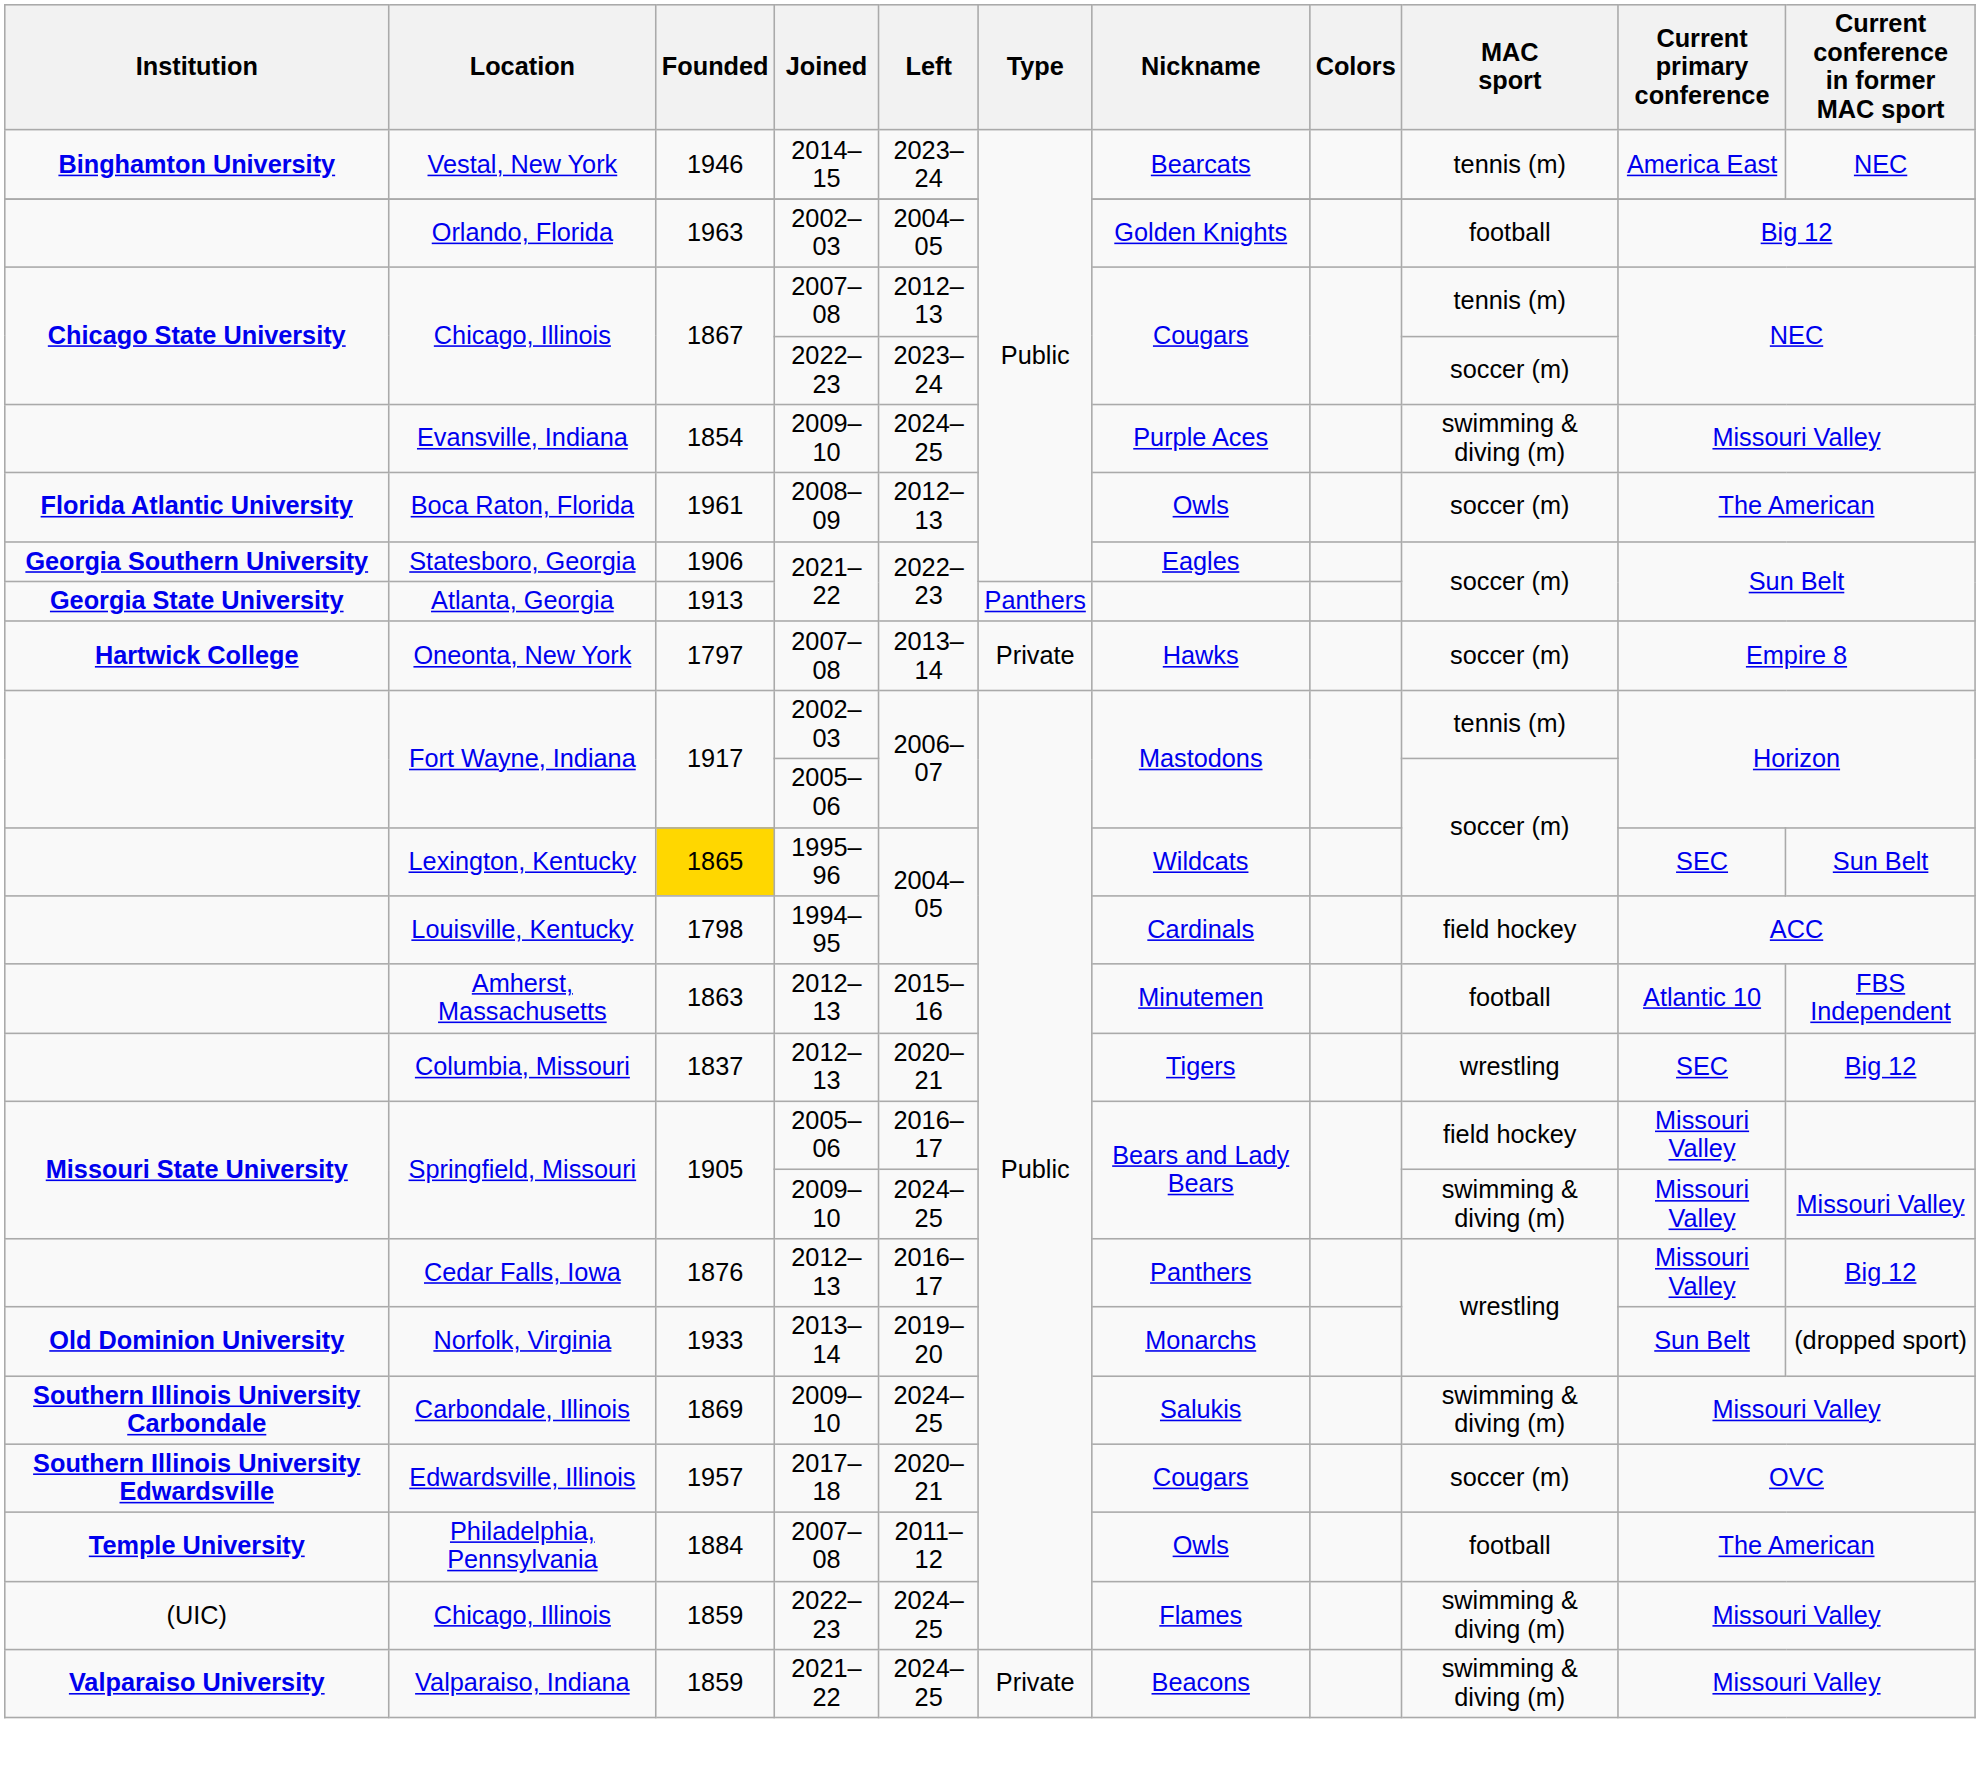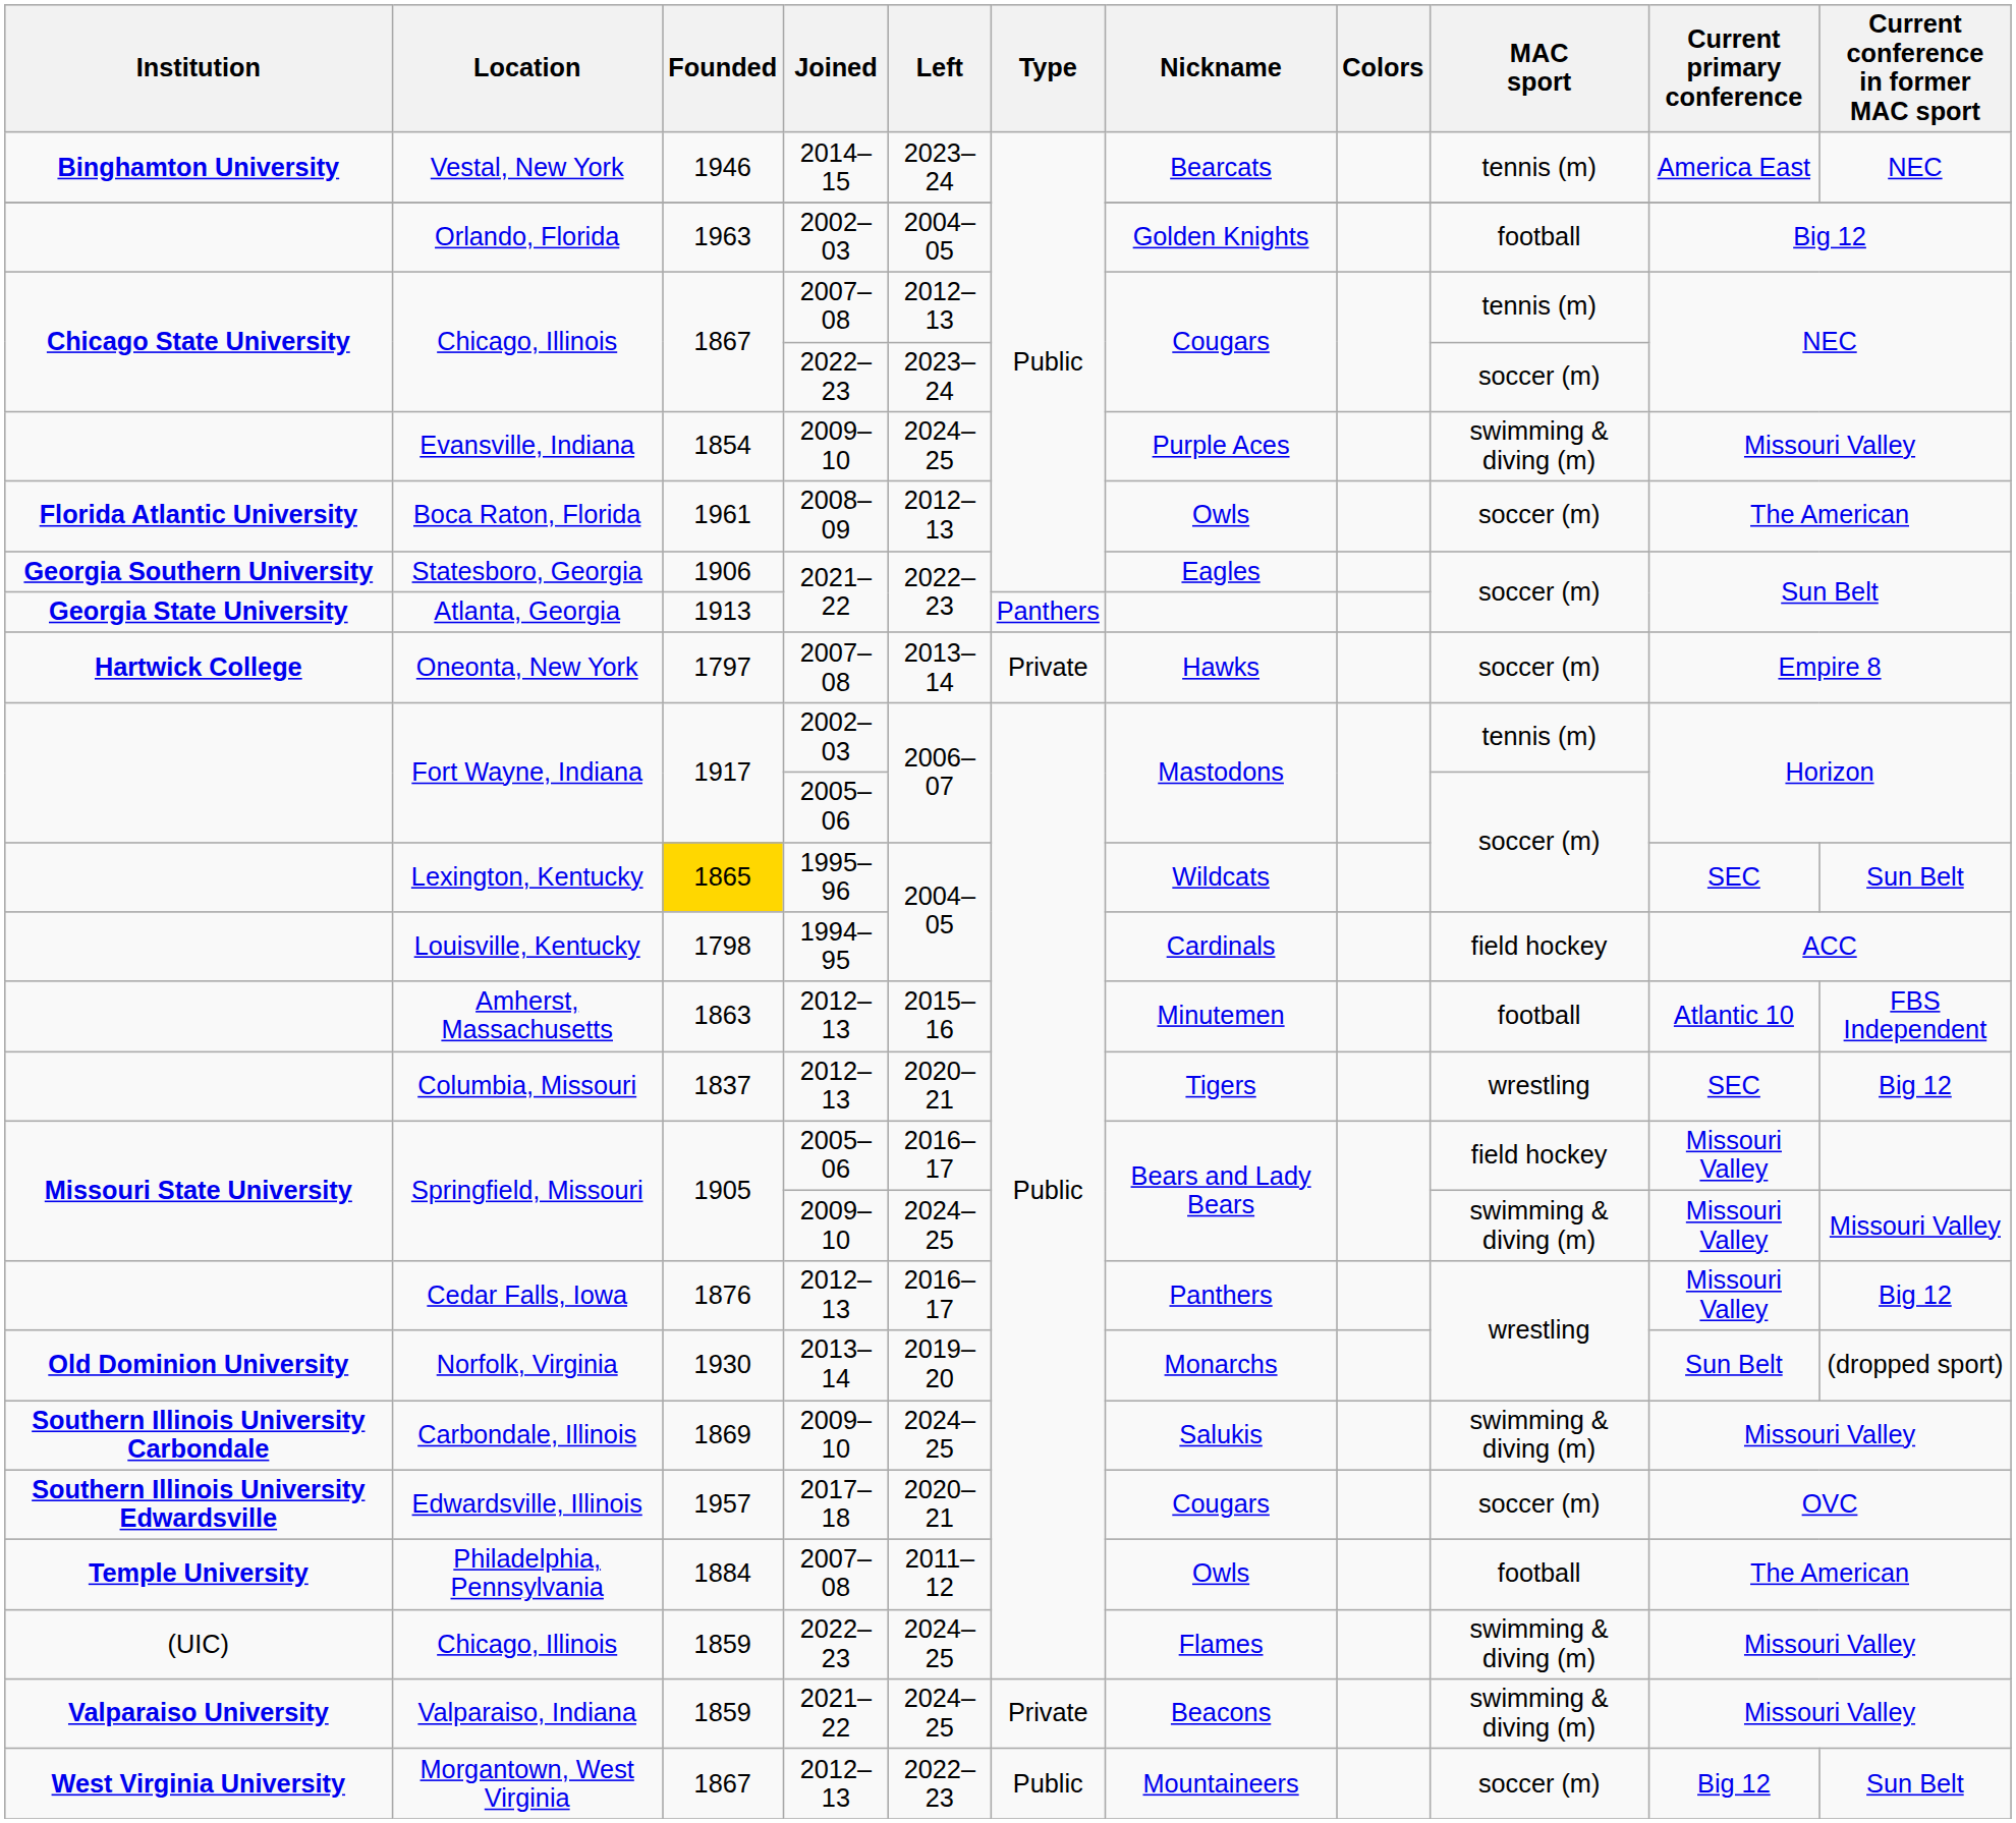 <table class="wikitable sortable" style="text-align: center;">
 <tr>
 <th width=px>Institution</th>
 <th width=px>Location</th>
 <th width=px>Founded</th>
 <th width=px>Joined</th>
 <th width=px>Left</th>
 <th width=px>Type</th>
 <th width=px>Nickname</th>
 <th class="unsortable" ! width=px>Colors</th>
 <th width=px>MAC<br>sport</th>
 <th width=px>Current<br>primary<br>conference</th>
 <th width=px>Current<br>conference<br>in former<br>MAC sport</th>
 </tr>
 <tr>
 <td><strong><a href='#'>Binghamton University</a></strong></td>
 <td><a href='#'>Vestal, New York</a></td>
 <td>1946</td>
 <td>2014–15</td>
 <td>2023–24</td>
 <td rowspan=8>Public</td>
 <td><a href='#'>Bearcats</a></td>
 <td></td>
 <td>tennis (m)</td>
 <td><a href='#'>America East</a></td>
 <td><a href='#'>NEC</a></td>
 </tr>
 <tr>
 </tr>
 <tr>
 <td><strong></strong></td>
 <td><a href='#'>Orlando, Florida</a></td>
 <td>1963</td>
 <td>2002–03</td>
 <td>2004–05</td>
 <td><a href='#'>Golden Knights</a></td>
 <td></td>
 <td>football</td>
 <td colspan=2 align=center><a href='#'>Big 12</a></td>
 </tr>
 <tr>
 <td rowspan=2><strong><a href='#'>Chicago State University</a></strong></td>
 <td rowspan=2><a href='#'>Chicago, Illinois</a></td>
 <td rowspan=2>1867</td>
 <td>2007–08</td>
 <td>2012–13</td>
 <td rowspan=2><a href='#'>Cougars</a></td>
 <td rowspan=2></td>
 <td>tennis (m)</td>
 <td rowspan=2 colspan=2><a href='#'>NEC</a></td>
 </tr>
 <tr>
 <td>2022–23</td>
 <td>2023–24</td>
 <td>soccer (m)</td>
 </tr>
 <tr>
 <td></td>
 <td><a href='#'>Evansville, Indiana</a></td>
 <td>1854</td>
 <td>2009–10</td>
 <td>2024–25</td>
 <td><a href='#'>Purple Aces</a></td>
 <td></td>
 <td>swimming & diving (m)</td>
 <td colspan=2 align=center><a href='#'>Missouri Valley</a></td>
 </tr>
 <tr>
 <td><strong><a href='#'>Florida Atlantic University</a></strong></td>
 <td><a href='#'>Boca Raton, Florida</a></td>
 <td>1961</td>
 <td>2008–09</td>
 <td>2012–13</td>
 <td><a href='#'>Owls</a></td>
 <td></td>
 <td>soccer (m)</td>
 <td colspan=2 align=center><a href='#'>The American</a></td>
 </tr>
 <tr>
 <td><strong><a href='#'>Georgia Southern University</a></strong></td>
 <td><a href='#'>Statesboro, Georgia</a></td>
 <td>1906</td>
 <td rowspan=2>2021–22</td>
 <td rowspan=2>2022–23</td>
 <td><a href='#'>Eagles</a></td>
 <td></td>
 <td rowspan=2>soccer (m)</td>
 <td rowspan=2 colspan=2><a href='#'>Sun Belt</a></td>
 </tr>
 <tr>
 <td><strong><a href='#'>Georgia State University</a></strong></td>
 <td><a href='#'>Atlanta, Georgia</a></td>
 <td>1913</td>
 <td><a href='#'>Panthers</a></td>
 <td></td>
 </tr>
 <tr>
 <td><strong><a href='#'>Hartwick College</a></strong></td>
 <td><a href='#'>Oneonta, New York</a></td>
 <td>1797</td>
 <td>2007–08</td>
 <td>2013–14</td>
 <td>Private</td>
 <td><a href='#'>Hawks</a></td>
 <td></td>
 <td>soccer (m)</td>
 <td colspan=2><a href='#'>Empire 8</a></td>
 </tr>
 <tr>
 <td rowspan="2"></td>
 <td rowspan="2"><a href='#'>Fort Wayne, Indiana</a></td>
 <td rowspan="2">1917</td>
 <td>2002–03</td>
 <td rowspan="2">2006–07</td>
 <td rowspan=14>Public</td>
 <td rowspan="2"><a href='#'>Mastodons</a></td>
 <td rowspan="2"></td>
 <td>tennis (m)</td>
 <td rowspan="2" colspan="2"><a href='#'>Horizon</a></td>
 </tr>
 <tr>
 <td>2005–06</td>
 <td rowspan="2">soccer (m)</td>
 </tr>
 <tr>
 <td></td>
 <td><a href='#'>Lexington, Kentucky</a></td>
 <td style="background: gold;">1865</td>
 <td>1995–96</td>
 <td rowspan="2">2004–05</td>
 <td><a href='#'>Wildcats</a></td>
 <td></td>
 <td><a href='#'>SEC</a></td>
 <td><a href='#'>Sun Belt</a></td>
 </tr>
 <tr>
 <td></td>
 <td><a href='#'>Louisville, Kentucky</a></td>
 <td>1798</td>
 <td>1994–95</td>
 <td><a href='#'>Cardinals</a></td>
 <td></td>
 <td>field hockey</td>
 <td colspan=2 align=center><a href='#'>ACC</a></td>
 </tr>
 <tr>
 <td></td>
 <td><a href='#'>Amherst, Massachusetts</a></td>
 <td>1863</td>
 <td>2012–13</td>
 <td>2015–16</td>
 <td><a href='#'>Minutemen</a></td>
 <td></td>
 <td>football</td>
 <td><a href='#'>Atlantic 10</a><br></td>
 <td><a href='#'>FBS Independent</a><br></td>
 </tr>
 <tr>
 <td></td>
 <td><a href='#'>Columbia, Missouri</a></td>
 <td>1837</td>
 <td>2012–13</td>
 <td>2020–21</td>
 <td><a href='#'>Tigers</a></td>
 <td></td>
 <td>wrestling</td>
 <td><a href='#'>SEC</a></td>
 <td><a href='#'>Big 12</a></td>
 </tr>
 <tr>
 <td rowspan="2"><strong><a href='#'>Missouri State University</a></strong></td>
 <td rowspan="2"><a href='#'>Springfield, Missouri</a></td>
 <td rowspan="2">1905</td>
 <td>2005–06</td>
 <td>2016–17</td>
 <td rowspan="2"><a href='#'>Bears and Lady Bears</a></td>
 <td rowspan="2"></td>
 <td>field hockey</td>
 <td><a href='#'>Missouri Valley</a><br></td>
 <td></td>
 </tr>
 <tr>
 <td>2009–10</td>
 <td>2024–25</td>
 <td>swimming & diving (m)</td>
 <td><a href='#'>Missouri Valley</a><br></td>
 <td><a href='#'>Missouri Valley</a><br></td>
 </tr>
 <tr>
 <td></td>
 <td><a href='#'>Cedar Falls, Iowa</a></td>
 <td>1876</td>
 <td>2012–13</td>
 <td>2016–17</td>
 <td><a href='#'>Panthers</a></td>
 <td></td>
 <td rowspan="2">wrestling</td>
 <td><a href='#'>Missouri Valley</a></td>
 <td><a href='#'>Big 12</a></td>
 </tr>
 <tr>
 <td><strong><a href='#'>Old Dominion University</a></strong></td>
 <td><a href='#'>Norfolk, Virginia</a></td>
-<td>1933</td>
+<td>1930</td>
 <td>2013–14</td>
 <td>2019–20</td>
 <td><a href='#'>Monarchs</a></td>
 <td></td>
 <td><a href='#'>Sun Belt</a></td>
 <td>(dropped sport)</td>
 </tr>
 <tr>
 <td><strong><a href='#'>Southern Illinois University Carbondale</a></strong></td>
 <td><a href='#'>Carbondale, Illinois</a></td>
 <td>1869</td>
 <td>2009–10</td>
 <td>2024–25</td>
 <td><a href='#'>Salukis</a></td>
 <td></td>
 <td>swimming & diving (m)</td>
 <td colspan=2 align=center><a href='#'>Missouri Valley</a></td>
 </tr>
 <tr>
 <td><strong><a href='#'>Southern Illinois University Edwardsville</a></strong></td>
 <td><a href='#'>Edwardsville, Illinois</a></td>
 <td>1957</td>
 <td>2017–18</td>
 <td>2020–21</td>
 <td><a href='#'>Cougars</a></td>
 <td></td>
 <td>soccer (m)</td>
 <td colspan=2 align=center><a href='#'>OVC</a></td>
 </tr>
 <tr>
 <td><strong><a href='#'>Temple University</a></strong></td>
 <td><a href='#'>Philadelphia, Pennsylvania</a></td>
 <td>1884</td>
 <td>2007–08</td>
 <td>2011–12</td>
 <td><a href='#'>Owls</a></td>
 <td></td>
 <td>football</td>
 <td colspan=2 align=center><a href='#'>The American</a></td>
 </tr>
 <tr>
 <td><strong></strong> (UIC)</td>
 <td><a href='#'>Chicago, Illinois</a></td>
 <td>1859</td>
 <td>2022–23</td>
 <td>2024–25</td>
 <td><a href='#'>Flames</a></td>
 <td></td>
 <td>swimming & diving (m)</td>
 <td colspan=2 align=center><a href='#'>Missouri Valley</a></td>
 </tr>
 <tr>
 <td><strong><a href='#'>Valparaiso University</a></strong></td>
 <td><a href='#'>Valparaiso, Indiana</a></td>
 <td>1859</td>
 <td>2021–22</td>
 <td>2024–25</td>
 <td>Private</td>
 <td><a href='#'>Beacons</a></td>
 <td></td>
 <td>swimming & diving (m)</td>
 <td colspan=2 align=center><a href='#'>Missouri Valley</a></td>
 </tr>
+<tr>
+<td><strong><a href='#'>West Virginia University</a></strong></td>
+<td><a href='#'>Morgantown, West Virginia</a></td>
+<td>1867</td>
+<td>2012–13</td>
+<td>2022–23</td>
+<td>Public</td>
+<td><a href='#'>Mountaineers</a></td>
+<td></td>
+<td>soccer (m)</td>
+<td><a href='#'>Big 12</a></td>
+<td><a href='#'>Sun Belt</a></td>
+</tr>
 </table>
